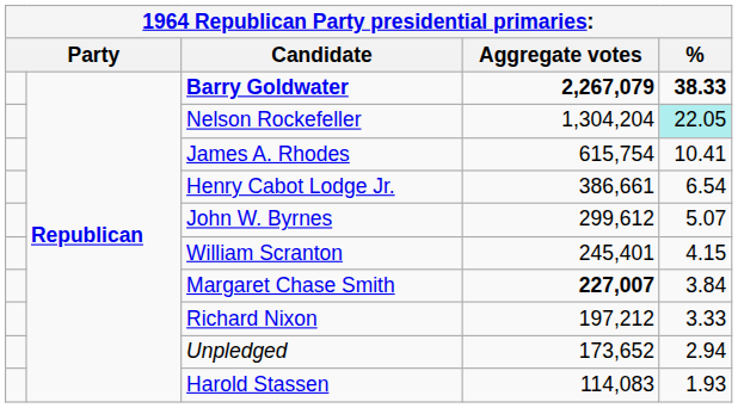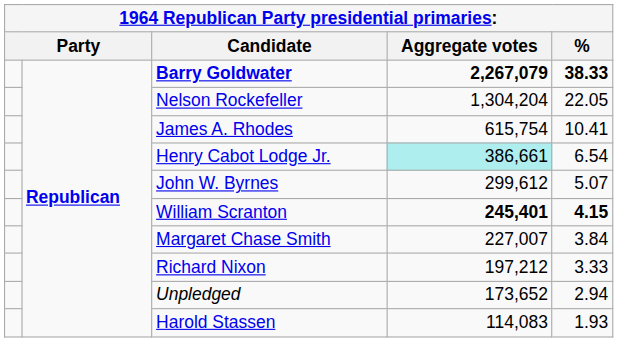 <table class="wikitable">
 <tr>
 <th colspan=6 style="background:#f5f5f5"><a href='#'>1964 Republican Party presidential primaries</a>:</th>
 </tr>
 <tr>
 <th style="width: 8em;" colspan=2>Party</th>
 <th>Candidate</th>
 <th>Aggregate votes</th>
 <th>%</th>
 </tr>
 <tr>
 <td style="background-color: "></td>
 <td style="width: 7em;" rowspan=10><strong><a href='#'>Republican</a></strong></td>
 <td style="width: 13em;"><strong><a href='#'>Barry Goldwater</a></strong></td>
 <td style="width: 9em; text-align:right"><strong>2,267,079</strong></td>
 <td style="width: 3em; text-align:right"><strong>38.33</strong></td>
 </tr>
 <tr>
 <td style="background-color: "></td>
 <td><a href='#'>Nelson Rockefeller</a></td>
 <td style="text-align:right">1,304,204</td>
-<td style="background: paleturquoise; text-align:right">22.05</td>
+<td style="text-align:right">22.05</td>
 </tr>
 <tr>
 <td style="background-color: "></td>
 <td><a href='#'>James A. Rhodes</a></td>
 <td style="text-align:right">615,754</td>
 <td style="text-align:right">10.41</td>
 </tr>
 <tr>
 <td style="background-color: "></td>
 <td><a href='#'>Henry Cabot Lodge Jr.</a></td>
-<td style="text-align:right">386,661</td>
+<td style="background: paleturquoise; text-align:right">386,661</td>
 <td style="text-align:right">6.54</td>
 </tr>
 <tr>
 <td style="background-color: "></td>
 <td><a href='#'>John W. Byrnes</a></td>
 <td style="text-align:right">299,612</td>
 <td style="text-align:right">5.07</td>
 </tr>
 <tr>
 <td style="background-color: "></td>
 <td><a href='#'>William Scranton</a></td>
-<td style="text-align:right">245,401</td>
-<td style="text-align:right">4.15</td>
+<td style="text-align:right"><strong>245,401</strong></td>
+<td style="text-align:right"><strong>4.15</strong></td>
 </tr>
 <tr>
 <td style="background-color: "></td>
 <td><a href='#'>Margaret Chase Smith</a></td>
-<td style="text-align:right"><strong>227,007</strong></td>
+<td style="text-align:right">227,007</td>
 <td style="text-align:right">3.84</td>
 </tr>
 <tr>
 <td style="background-color: "></td>
 <td><a href='#'>Richard Nixon</a></td>
 <td style="text-align:right">197,212</td>
 <td style="text-align:right">3.33</td>
 </tr>
 <tr>
 <td style="background-color: "></td>
 <td><em>Unpledged</em></td>
 <td style="text-align:right">173,652</td>
 <td style="text-align:right">2.94</td>
 </tr>
 <tr>
 <td style="background-color: "></td>
 <td><a href='#'>Harold Stassen</a></td>
 <td style="text-align:right">114,083</td>
 <td style="text-align:right">1.93</td>
 </tr>
 </table>
